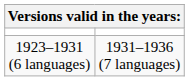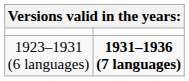 <table class="wikitable" style="margin:0.3em auto">
 <tr>
 <th class="hintergrundfarbe8" colspan="2">Versions valid in the years:</th>
 </tr>
 <tr align="center" bgcolor="#FFFFFF">
 <td></td>
 <td></td>
 </tr>
 <tr class="hintergrundfarbe8" align="center">
 <td>1923–1931<br>(6 languages)</td>
-<td>1931–1936<br>(7 languages)</td>
+<td><strong>1931–1936<br>(7 languages)</strong></td>
 </tr>
 </table>
